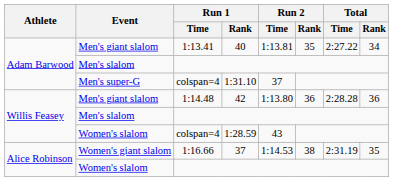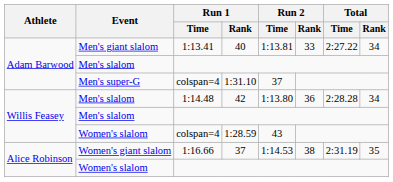 <table class="wikitable" style="font-size:90%;text-align:center;">
 <tr>
 <th rowspan=2>Athlete</th>
 <th rowspan=2>Event</th>
 <th colspan=2>Run 1</th>
 <th colspan=2>Run 2</th>
 <th colspan=2>Total</th>
 </tr>
 <tr style="font-size:95%">
 <th>Time</th>
 <th>Rank</th>
 <th>Time</th>
 <th>Rank</th>
 <th>Time</th>
 <th>Rank</th>
 </tr>
 <tr>
 <td style="text-align:left;" rowspan=3><a href='#'>Adam Barwood</a></td>
 <td style="text-align:left;"><a href='#'>Men's giant slalom</a></td>
 <td>1:13.41</td>
 <td>40</td>
 <td>1:13.81</td>
-<td>35</td>
+<td>33</td>
 <td>2:27.22</td>
 <td>34</td>
 </tr>
 <tr>
 <td style="text-align:left;"><a href='#'>Men's slalom</a></td>
 <td colspan=6></td>
 </tr>
 <tr>
 <td style="text-align:left;"><a href='#'>Men's super-G</a></td>
 <td>colspan=4 </td>
 <td>1:31.10</td>
 <td>37</td>
 </tr>
 <tr>
 <td style="text-align:left;" rowspan=3><a href='#'>Willis Feasey</a></td>
-<td style="text-align:left;"><a href='#'>Men's giant slalom</a></td>
+<td style="text-align:left;"><a href='#'>Men's slalom</a></td>
 <td>1:14.48</td>
 <td>42</td>
 <td>1:13.80</td>
 <td>36</td>
 <td>2:28.28</td>
-<td>36</td>
+<td>34</td>
 </tr>
 <tr>
 <td style="text-align:left;"><a href='#'>Men's slalom</a></td>
 <td colspan=6></td>
 </tr>
 <tr>
 <td style="text-align:left;"><a href='#'>Women's slalom</a></td>
 <td>colspan=4 </td>
 <td>1:28.59</td>
 <td>43</td>
 </tr>
 <tr>
 <td style="text-align:left;" rowspan=2><a href='#'>Alice Robinson</a></td>
 <td style="text-align:left;"><a href='#'>Women's giant slalom</a></td>
 <td>1:16.66</td>
 <td>37</td>
 <td>1:14.53</td>
 <td>38</td>
 <td>2:31.19</td>
 <td>35</td>
 </tr>
 <tr>
 <td style="text-align:left;"><a href='#'>Women's slalom</a></td>
 <td colspan=6></td>
 </tr>
 </table>
